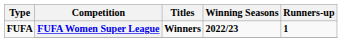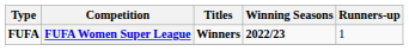 <table class="wikitable plainrowheaders" style="font-size:95%; text-align:center;">
 <tr>
 <th style="width:5">Type</th>
 <th style="width:5">Competition</th>
 <th style="width:5">Titles</th>
 <th style="width:5">Winning Seasons</th>
 <th style="width:5">Runners-up</th>
 </tr>
 <tr>
 <td rowspan="2"><strong>FUFA</strong></td>
 <th scope=col><a href='#'>FUFA Women Super League</a></th>
 <td><strong>Winners</strong></td>
 <td align="left"><strong>2022/23</strong></td>
-<td align="left"><strong>1</strong></td>
+<td align="left">1</td>
 </tr>
 <tr>
 </tr>
 </table>
